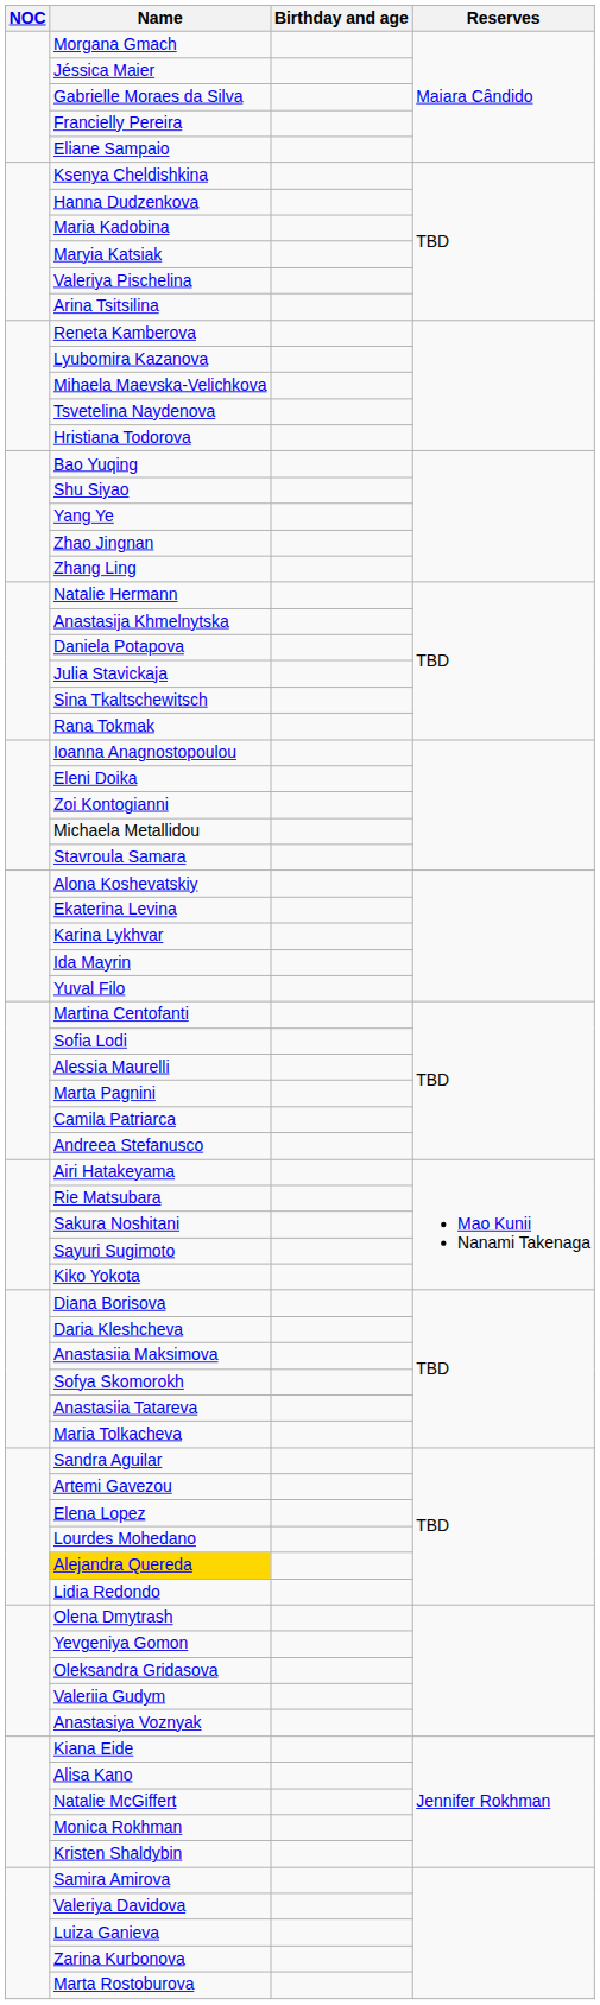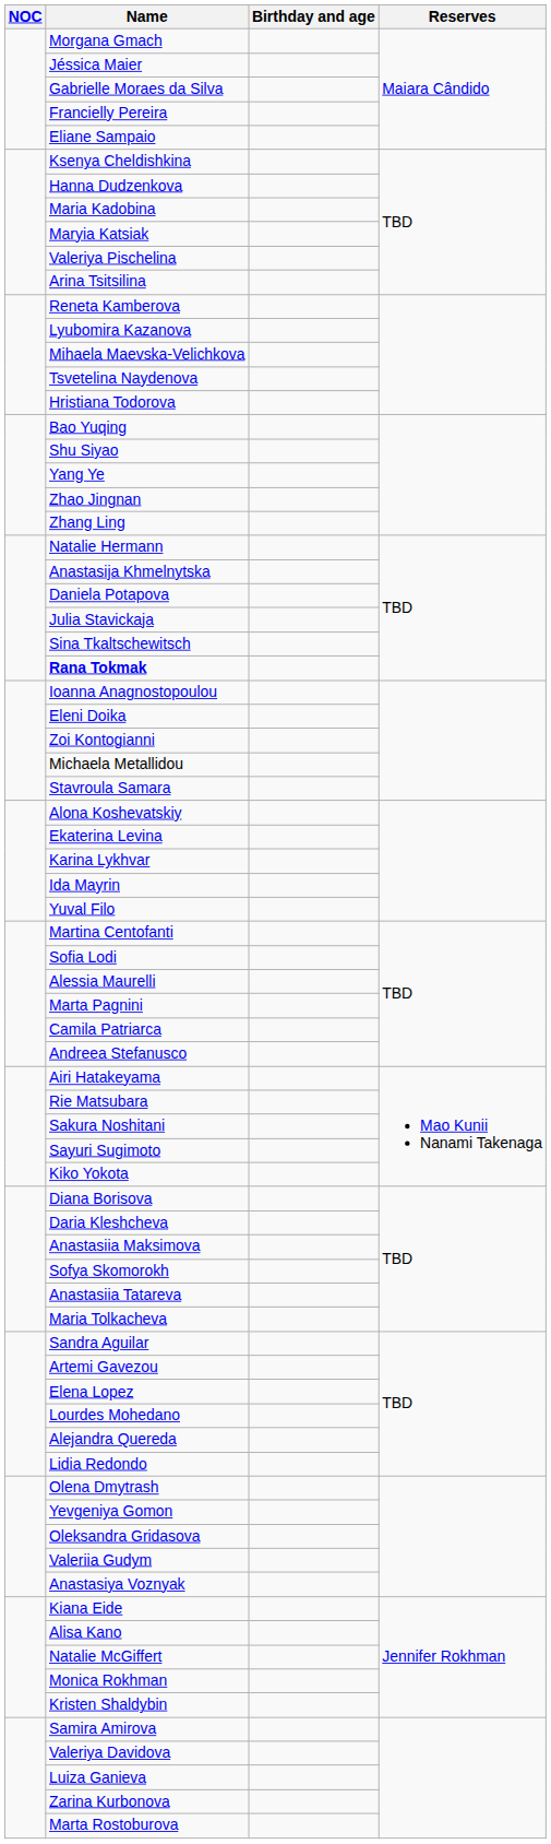 <table class="wikitable sortable">
 <tr>
 <th><a href='#'>NOC</a></th>
 <th>Name</th>
 <th>Birthday and age</th>
 <th>Reserves</th>
 </tr>
 <tr>
 <td rowspan="5"></td>
 <td><a href='#'>Morgana Gmach</a></td>
 <td></td>
 <td rowspan="5"><a href='#'>Maiara Cândido</a></td>
 </tr>
 <tr>
 <td><a href='#'>Jéssica Maier</a></td>
 <td></td>
 </tr>
 <tr>
 <td><a href='#'>Gabrielle Moraes da Silva</a></td>
 <td></td>
 </tr>
 <tr>
 <td><a href='#'>Francielly Pereira</a></td>
 <td></td>
 </tr>
 <tr>
 <td><a href='#'>Eliane Sampaio</a></td>
 <td></td>
 </tr>
 <tr>
 <td rowspan="6"></td>
 <td><a href='#'>Ksenya Cheldishkina</a></td>
 <td></td>
 <td rowspan="6">TBD</td>
 </tr>
 <tr>
 <td><a href='#'>Hanna Dudzenkova</a></td>
 <td></td>
 </tr>
 <tr>
 <td><a href='#'>Maria Kadobina</a></td>
 <td></td>
 </tr>
 <tr>
 <td><a href='#'>Maryia Katsiak</a></td>
 <td></td>
 </tr>
 <tr>
 <td><a href='#'>Valeriya Pischelina</a></td>
 <td></td>
 </tr>
 <tr>
 <td><a href='#'>Arina Tsitsilina</a></td>
 <td></td>
 </tr>
 <tr>
 <td rowspan="5"></td>
 <td><a href='#'>Reneta Kamberova</a></td>
 <td></td>
 <td rowspan="5"></td>
 </tr>
 <tr>
 <td><a href='#'>Lyubomira Kazanova</a></td>
 <td></td>
 </tr>
 <tr>
 <td><a href='#'>Mihaela Maevska-Velichkova</a></td>
 <td></td>
 </tr>
 <tr>
 <td><a href='#'>Tsvetelina Naydenova</a></td>
 <td></td>
 </tr>
 <tr>
 <td><a href='#'>Hristiana Todorova</a></td>
 <td></td>
 </tr>
 <tr>
 <td rowspan="5"></td>
 <td><a href='#'>Bao Yuqing</a></td>
 <td></td>
 <td rowspan="5"></td>
 </tr>
 <tr>
 <td><a href='#'>Shu Siyao</a></td>
 <td></td>
 </tr>
 <tr>
 <td><a href='#'>Yang Ye</a></td>
 <td></td>
 </tr>
 <tr>
 <td><a href='#'>Zhao Jingnan</a></td>
 <td></td>
 </tr>
 <tr>
 <td><a href='#'>Zhang Ling</a></td>
 <td></td>
 </tr>
 <tr>
 <td rowspan="6"></td>
 <td><a href='#'>Natalie Hermann</a></td>
 <td></td>
 <td rowspan="6">TBD</td>
 </tr>
 <tr>
 <td><a href='#'>Anastasija Khmelnytska</a></td>
 <td></td>
 </tr>
 <tr>
 <td><a href='#'>Daniela Potapova</a></td>
 <td></td>
 </tr>
 <tr>
 <td><a href='#'>Julia Stavickaja</a></td>
 <td></td>
 </tr>
 <tr>
 <td><a href='#'>Sina Tkaltschewitsch</a></td>
 <td></td>
 </tr>
 <tr>
-<td><a href='#'>Rana Tokmak</a></td>
+<td><strong><a href='#'>Rana Tokmak</a></strong></td>
 <td></td>
 </tr>
 <tr>
 <td rowspan="5"></td>
 <td><a href='#'>Ioanna Anagnostopoulou</a></td>
 <td></td>
 <td rowspan="5"></td>
 </tr>
 <tr>
 <td><a href='#'>Eleni Doika</a></td>
 <td></td>
 </tr>
 <tr>
 <td><a href='#'>Zoi Kontogianni</a></td>
 <td></td>
 </tr>
 <tr>
 <td>Michaela Metallidou</td>
 <td></td>
 </tr>
 <tr>
 <td><a href='#'>Stavroula Samara</a></td>
 <td></td>
 </tr>
 <tr>
 <td rowspan="5"></td>
 <td><a href='#'>Alona Koshevatskiy</a></td>
 <td></td>
 <td rowspan="5"></td>
 </tr>
 <tr>
 <td><a href='#'>Ekaterina Levina</a></td>
 <td></td>
 </tr>
 <tr>
 <td><a href='#'>Karina Lykhvar</a></td>
 <td></td>
 </tr>
 <tr>
 <td><a href='#'>Ida Mayrin</a></td>
 <td></td>
 </tr>
 <tr>
 <td><a href='#'>Yuval Filo</a></td>
 <td></td>
 </tr>
 <tr>
 <td rowspan="6"></td>
 <td><a href='#'>Martina Centofanti</a></td>
 <td></td>
 <td rowspan="6">TBD</td>
 </tr>
 <tr>
 <td><a href='#'>Sofia Lodi</a></td>
 <td></td>
 </tr>
 <tr>
 <td><a href='#'>Alessia Maurelli</a></td>
 <td></td>
 </tr>
 <tr>
 <td><a href='#'>Marta Pagnini</a></td>
 <td></td>
 </tr>
 <tr>
 <td><a href='#'>Camila Patriarca</a></td>
 <td></td>
 </tr>
 <tr>
 <td><a href='#'>Andreea Stefanusco</a></td>
 <td></td>
 </tr>
 <tr>
 <td rowspan="5"></td>
 <td><a href='#'>Airi Hatakeyama</a></td>
 <td></td>
 <td rowspan="5"><br><ul><li><a href='#'>Mao Kunii</a></li><li>Nanami Takenaga</li></ul></td>
 </tr>
 <tr>
 <td><a href='#'>Rie Matsubara</a></td>
 <td></td>
 </tr>
 <tr>
 <td><a href='#'>Sakura Noshitani</a></td>
 <td></td>
 </tr>
 <tr>
 <td><a href='#'>Sayuri Sugimoto</a></td>
 <td></td>
 </tr>
 <tr>
 <td><a href='#'>Kiko Yokota</a></td>
 <td></td>
 </tr>
 <tr>
 <td rowspan="6"></td>
 <td><a href='#'>Diana Borisova</a></td>
 <td></td>
 <td rowspan="6">TBD</td>
 </tr>
 <tr>
 <td><a href='#'>Daria Kleshcheva</a></td>
 <td></td>
 </tr>
 <tr>
 <td><a href='#'>Anastasiia Maksimova</a></td>
 <td></td>
 </tr>
 <tr>
 <td><a href='#'>Sofya Skomorokh</a></td>
 <td></td>
 </tr>
 <tr>
 <td><a href='#'>Anastasiia Tatareva</a></td>
 <td></td>
 </tr>
 <tr>
 <td><a href='#'>Maria Tolkacheva</a></td>
 <td></td>
 </tr>
 <tr>
 <td rowspan="6"></td>
 <td><a href='#'>Sandra Aguilar</a></td>
 <td></td>
 <td rowspan="6">TBD</td>
 </tr>
 <tr>
 <td><a href='#'>Artemi Gavezou</a></td>
 <td></td>
 </tr>
 <tr>
 <td><a href='#'>Elena Lopez</a></td>
 <td></td>
 </tr>
 <tr>
 <td><a href='#'>Lourdes Mohedano</a></td>
 <td></td>
 </tr>
 <tr>
-<td style="background: gold;"><a href='#'>Alejandra Quereda</a></td>
+<td><a href='#'>Alejandra Quereda</a></td>
 <td></td>
 </tr>
 <tr>
 <td><a href='#'>Lidia Redondo</a></td>
 <td></td>
 </tr>
 <tr>
 <td rowspan="5"></td>
 <td><a href='#'>Olena Dmytrash</a></td>
 <td></td>
 <td rowspan="5"></td>
 </tr>
 <tr>
 <td><a href='#'>Yevgeniya Gomon</a></td>
 <td></td>
 </tr>
 <tr>
 <td><a href='#'>Oleksandra Gridasova</a></td>
 <td></td>
 </tr>
 <tr>
 <td><a href='#'>Valeriia Gudym</a></td>
 <td></td>
 </tr>
 <tr>
 <td><a href='#'>Anastasiya Voznyak</a></td>
 <td></td>
 </tr>
 <tr>
 <td rowspan="5"></td>
 <td><a href='#'>Kiana Eide</a></td>
 <td></td>
 <td rowspan="5"><a href='#'>Jennifer Rokhman</a></td>
 </tr>
 <tr>
 <td><a href='#'>Alisa Kano</a></td>
 <td></td>
 </tr>
 <tr>
 <td><a href='#'>Natalie McGiffert</a></td>
 <td></td>
 </tr>
 <tr>
 <td><a href='#'>Monica Rokhman</a></td>
 <td></td>
 </tr>
 <tr>
 <td><a href='#'>Kristen Shaldybin</a></td>
 <td></td>
 </tr>
 <tr>
 <td rowspan="5"></td>
 <td><a href='#'>Samira Amirova</a></td>
 <td></td>
 <td rowspan="5"></td>
 </tr>
 <tr>
 <td><a href='#'>Valeriya Davidova</a></td>
 <td></td>
 </tr>
 <tr>
 <td><a href='#'>Luiza Ganieva</a></td>
 <td></td>
 </tr>
 <tr>
 <td><a href='#'>Zarina Kurbonova</a></td>
 <td></td>
 </tr>
 <tr>
 <td><a href='#'>Marta Rostoburova</a></td>
 <td></td>
 </tr>
 </table>
